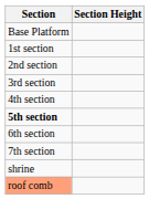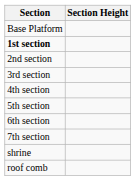 <table class="wikitable" style="float:right;margin:.5em"  border="1">
 <tr>
 <th>Section</th>
 <th>Section Height</th>
 </tr>
 <tr>
 <td>Base Platform</td>
 <td></td>
 </tr>
 <tr>
-<td>1st section</td>
+<td><strong>1st section</strong></td>
 <td></td>
 </tr>
 <tr>
 <td>2nd section</td>
 <td></td>
 </tr>
 <tr>
 <td>3rd section</td>
 <td></td>
 </tr>
 <tr>
 <td>4th section</td>
 <td></td>
 </tr>
 <tr>
-<td><strong>5th section</strong></td>
+<td>5th section</td>
 <td></td>
 </tr>
 <tr>
 <td>6th section</td>
 <td></td>
 </tr>
 <tr>
 <td>7th section</td>
 <td></td>
 </tr>
 <tr>
 <td>shrine</td>
 <td></td>
 </tr>
 <tr>
-<td style="background: lightsalmon;">roof comb</td>
+<td>roof comb</td>
 <td></td>
 </tr>
 </table>
